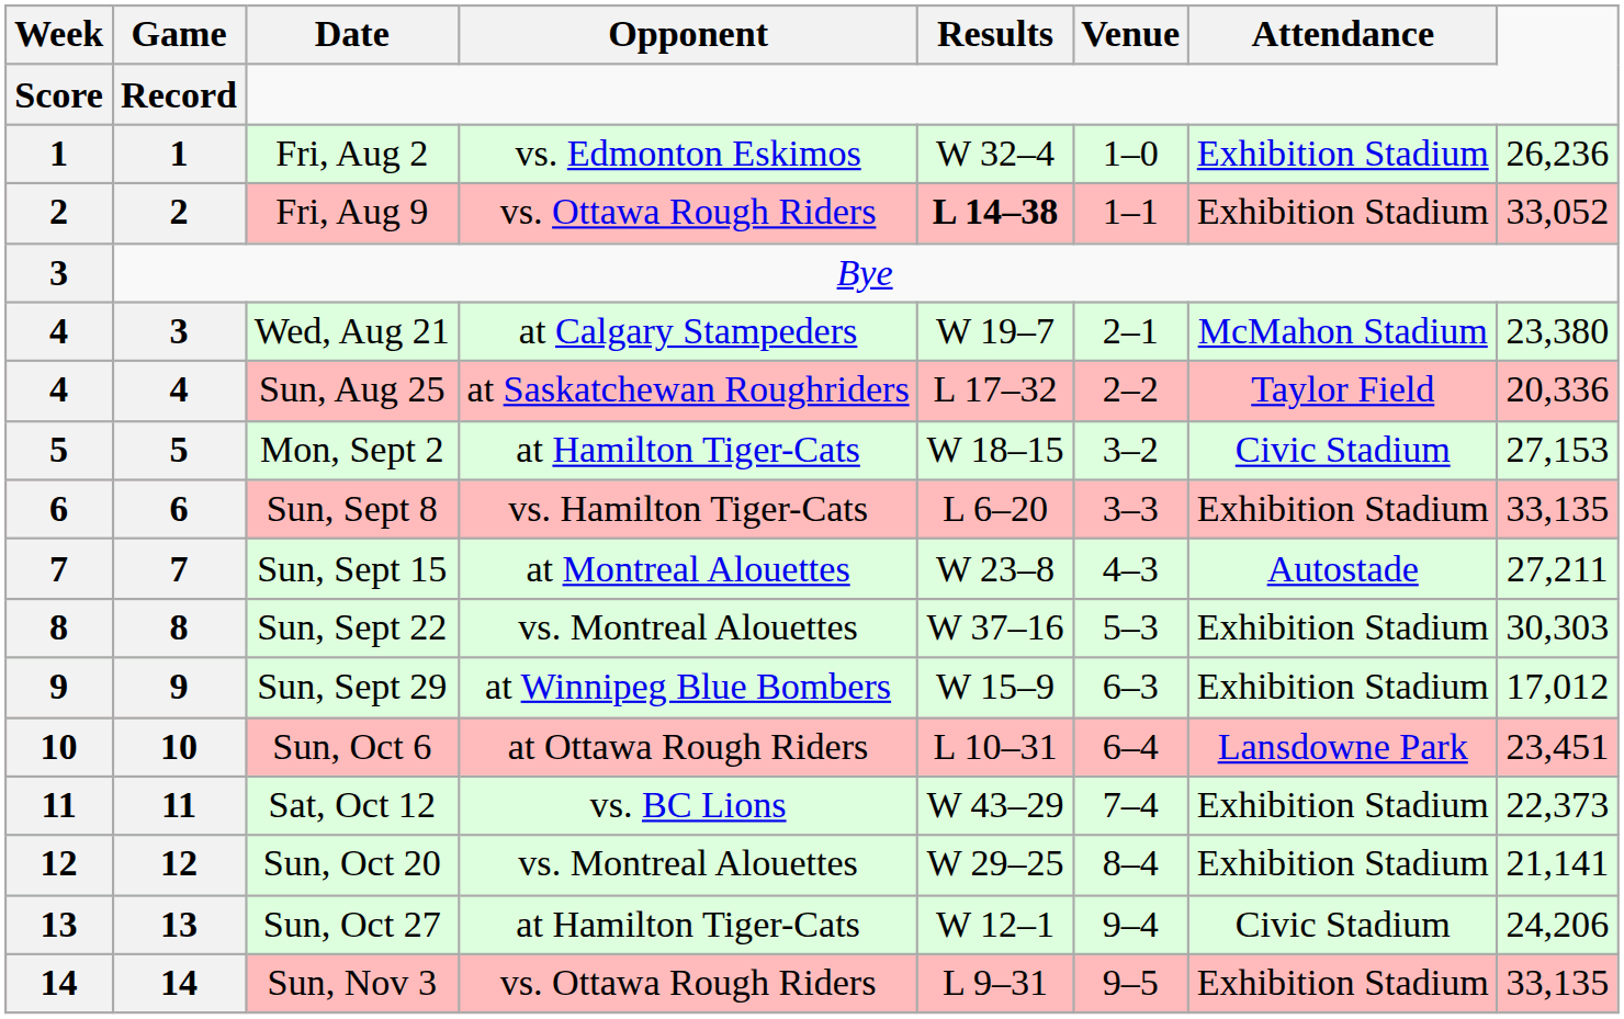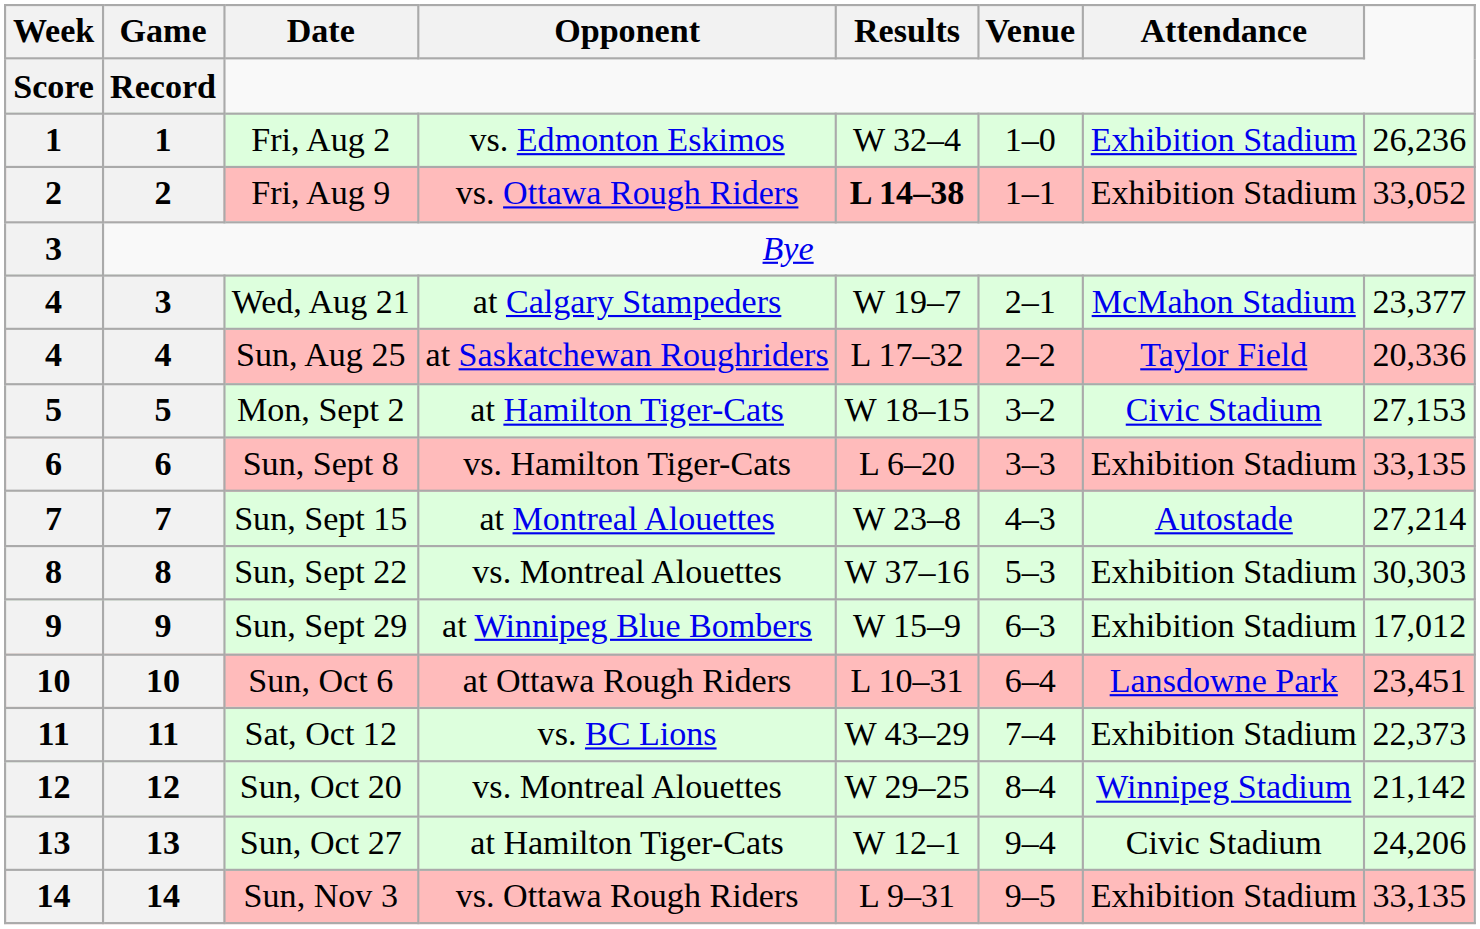 <table class="wikitable" style="text-align:center">
 <tr>
 <th>Week</th>
 <th>Game</th>
 <th>Date</th>
 <th>Opponent</th>
 <th>Results</th>
 <th>Venue</th>
 <th>Attendance</th>
 </tr>
 <tr>
 <th>Score</th>
 <th>Record</th>
 </tr>
 <tr style="background:#ddffdd">
 <th>1</th>
 <th>1</th>
 <td>Fri, Aug 2</td>
 <td>vs. <a href='#'>Edmonton Eskimos</a></td>
 <td>W 32–4</td>
 <td>1–0</td>
 <td><a href='#'>Exhibition Stadium</a></td>
 <td>26,236</td>
 </tr>
 <tr style="background:#ffbbbb">
 <th>2</th>
 <th>2</th>
 <td>Fri, Aug 9</td>
 <td>vs. <a href='#'>Ottawa Rough Riders</a></td>
 <td><strong>L 14–38</strong></td>
 <td>1–1</td>
 <td>Exhibition Stadium</td>
 <td>33,052</td>
 </tr>
 <tr>
 <th>3</th>
 <td colspan=7><em><a href='#'>Bye</a></em></td>
 </tr>
 <tr style="background:#ddffdd">
 <th>4</th>
 <th>3</th>
 <td>Wed, Aug 21</td>
 <td>at <a href='#'>Calgary Stampeders</a></td>
 <td>W 19–7</td>
 <td>2–1</td>
 <td><a href='#'>McMahon Stadium</a></td>
-<td>23,380</td>
+<td>23,377</td>
 </tr>
 <tr style="background:#ffbbbb">
 <th>4</th>
 <th>4</th>
 <td>Sun, Aug 25</td>
 <td>at <a href='#'>Saskatchewan Roughriders</a></td>
 <td>L 17–32</td>
 <td>2–2</td>
 <td><a href='#'>Taylor Field</a></td>
 <td>20,336</td>
 </tr>
 <tr style="background:#ddffdd">
 <th>5</th>
 <th>5</th>
 <td>Mon, Sept 2</td>
 <td>at <a href='#'>Hamilton Tiger-Cats</a></td>
 <td>W 18–15</td>
 <td>3–2</td>
 <td><a href='#'>Civic Stadium</a></td>
 <td>27,153</td>
 </tr>
 <tr style="background:#ffbbbb">
 <th>6</th>
 <th>6</th>
 <td>Sun, Sept 8</td>
 <td>vs. Hamilton Tiger-Cats</td>
 <td>L 6–20</td>
 <td>3–3</td>
 <td>Exhibition Stadium</td>
 <td>33,135</td>
 </tr>
 <tr style="background:#ddffdd">
 <th>7</th>
 <th>7</th>
 <td>Sun, Sept 15</td>
 <td>at <a href='#'>Montreal Alouettes</a></td>
 <td>W 23–8</td>
 <td>4–3</td>
 <td><a href='#'>Autostade</a></td>
-<td>27,211</td>
+<td>27,214</td>
 </tr>
 <tr style="background:#ddffdd">
 <th>8</th>
 <th>8</th>
 <td>Sun, Sept 22</td>
 <td>vs. Montreal Alouettes</td>
 <td>W 37–16</td>
 <td>5–3</td>
 <td>Exhibition Stadium</td>
 <td>30,303</td>
 </tr>
 <tr style="background:#ddffdd">
 <th>9</th>
 <th>9</th>
 <td>Sun, Sept 29</td>
 <td>at <a href='#'>Winnipeg Blue Bombers</a></td>
 <td>W 15–9</td>
 <td>6–3</td>
 <td>Exhibition Stadium</td>
 <td>17,012</td>
 </tr>
 <tr style="background:#ffbbbb">
 <th>10</th>
 <th>10</th>
 <td>Sun, Oct 6</td>
 <td>at Ottawa Rough Riders</td>
 <td>L 10–31</td>
 <td>6–4</td>
 <td><a href='#'>Lansdowne Park</a></td>
 <td>23,451</td>
 </tr>
 <tr style="background:#ddffdd">
 <th>11</th>
 <th>11</th>
 <td>Sat, Oct 12</td>
 <td>vs. <a href='#'>BC Lions</a></td>
 <td>W 43–29</td>
 <td>7–4</td>
 <td>Exhibition Stadium</td>
 <td>22,373</td>
 </tr>
 <tr style="background:#ddffdd">
 <th>12</th>
 <th>12</th>
 <td>Sun, Oct 20</td>
 <td>vs. Montreal Alouettes</td>
 <td>W 29–25</td>
 <td>8–4</td>
-<td>Exhibition Stadium</td>
-<td>21,141</td>
+<td><a href='#'>Winnipeg Stadium</a></td>
+<td>21,142</td>
 </tr>
 <tr style="background:#ddffdd">
 <th>13</th>
 <th>13</th>
 <td>Sun, Oct 27</td>
 <td>at Hamilton Tiger-Cats</td>
 <td>W 12–1</td>
 <td>9–4</td>
 <td>Civic Stadium</td>
 <td>24,206</td>
 </tr>
 <tr style="background:#ffbbbb">
 <th>14</th>
 <th>14</th>
 <td>Sun, Nov 3</td>
 <td>vs. Ottawa Rough Riders</td>
 <td>L 9–31</td>
 <td>9–5</td>
 <td>Exhibition Stadium</td>
 <td>33,135</td>
 </tr>
 </table>
